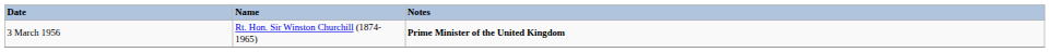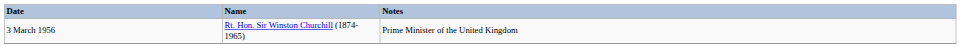 <table class="wikitable" width="75%" style="font-size: 85%; border: gray solid 1px; border-collapse: collapse; text-align: middle;">
 <tr>
 <th style="text-align: left;background:#B0C4DE">Date</th>
 <th width="240" style="text-align: left;background:#B0C4DE">Name</th>
 <th style="text-align: left;background:#B0C4DE">Notes</th>
 </tr>
 <tr>
 <td>3 March 1956</td>
 <td><a href='#'>Rt. Hon. Sir Winston Churchill</a> (1874-1965)</td>
-<td><strong>Prime Minister of the United Kingdom</strong></td>
+<td>Prime Minister of the United Kingdom</td>
 </tr>
 <tr>
 </tr>
 </table>
